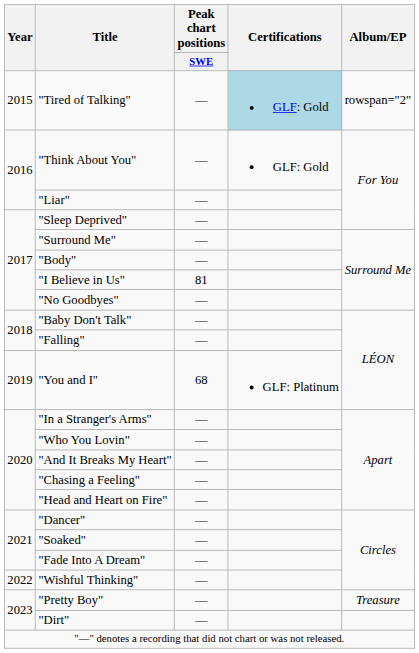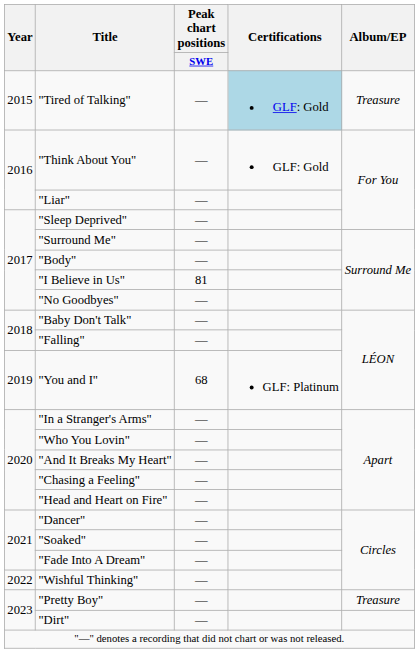 <table class="wikitable plainrowheaders" style="text-align:center;">
 <tr>
 <th scope="col" rowspan="2">Year</th>
 <th scope="col" rowspan="2">Title</th>
 <th scope="col">Peak chart positions</th>
 <th scope="col" rowspan="2">Certifications</th>
 <th scope="col" rowspan="2">Album/EP</th>
 </tr>
 <tr>
 <th scope="col" style="width:1.5em;font-size:85%;"><a href='#'>SWE</a><br></th>
 </tr>
 <tr>
 <td>2015</td>
 <td style="text-align:left;">"Tired of Talking"</td>
 <td>—</td>
 <td style="background: lightblue;"><br><ul><li><a href='#'>GLF</a>: Gold</li></ul></td>
-<td>rowspan="2" </td>
+<td><em>Treasure</em></td>
 </tr>
 <tr>
 <td rowspan="2">2016</td>
 <td style="text-align:left;">"Think About You"</td>
 <td>—</td>
 <td><br><ul><li>GLF: Gold</li></ul></td>
 <td rowspan="3"><em>For You</em></td>
 </tr>
 <tr>
 <td style="text-align:left;">"Liar"</td>
 <td>—</td>
 <td></td>
 </tr>
 <tr>
 <td rowspan="5">2017</td>
 <td style="text-align:left;">"Sleep Deprived"</td>
 <td>—</td>
 <td></td>
 </tr>
 <tr>
 <td style="text-align:left;">"Surround Me"</td>
 <td>—</td>
 <td></td>
 <td rowspan="4"><em>Surround Me</em></td>
 </tr>
 <tr>
 <td style="text-align:left;">"Body"</td>
 <td>—</td>
 <td></td>
 </tr>
 <tr>
 <td style="text-align:left;">"I Believe in Us"</td>
 <td>81</td>
 <td></td>
 </tr>
 <tr>
 <td style="text-align:left;">"No Goodbyes"</td>
 <td>—</td>
 <td></td>
 </tr>
 <tr>
 <td rowspan="2">2018</td>
 <td style="text-align:left;">"Baby Don't Talk"</td>
 <td>—</td>
 <td></td>
 <td rowspan="3"><em>LÉON</em></td>
 </tr>
 <tr>
 <td style="text-align:left;">"Falling"</td>
 <td>—</td>
 <td></td>
 </tr>
 <tr>
 <td>2019</td>
 <td style="text-align:left;">"You and I"</td>
 <td>68</td>
 <td><br><ul><li>GLF: Platinum</li></ul></td>
 </tr>
 <tr>
 <td rowspan="5">2020</td>
 <td style="text-align:left;">"In a Stranger's Arms"</td>
 <td>—</td>
 <td></td>
 <td rowspan="5"><em>Apart</em></td>
 </tr>
 <tr>
 <td style="text-align:left;">"Who You Lovin"</td>
 <td>—</td>
 <td></td>
 </tr>
 <tr>
 <td style="text-align:left;">"And It Breaks My Heart"</td>
 <td>—</td>
 <td></td>
 </tr>
 <tr>
 <td style="text-align:left;">"Chasing a Feeling"</td>
 <td>—</td>
 <td></td>
 </tr>
 <tr>
 <td style="text-align:left;">"Head and Heart on Fire"</td>
 <td>—</td>
 <td></td>
 </tr>
 <tr>
 <td rowspan="3">2021</td>
 <td style="text-align:left;">"Dancer"</td>
 <td>—</td>
 <td></td>
 <td rowspan="4"><em>Circles</em></td>
 </tr>
 <tr>
 <td style="text-align:left;">"Soaked"</td>
 <td>—</td>
 <td></td>
 </tr>
 <tr>
 <td style="text-align:left;">"Fade Into A Dream"</td>
 <td>—</td>
 </tr>
 <tr>
 <td>2022</td>
 <td style="text-align:left;">"Wishful Thinking"</td>
 <td>—</td>
 <td></td>
 </tr>
 <tr>
 <td rowspan="2">2023</td>
 <td style="text-align:left;">"Pretty Boy"</td>
 <td>—</td>
 <td></td>
 <td><em>Treasure</em></td>
 </tr>
 <tr>
 <td style="text-align:left;">"Dirt"</td>
 <td>—</td>
 <td></td>
 </tr>
 <tr>
 <td colspan="5" style="font-size:85%">"—" denotes a recording that did not chart or was not released.</td>
 </tr>
 </table>
